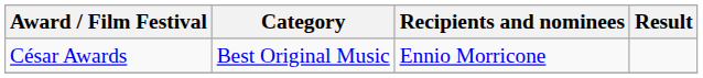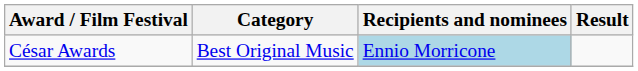 <table class="wikitable plainrowheaders sortable">
 <tr style="background:#ccc; text-align:center;">
 <th scope="col">Award / Film Festival</th>
 <th scope="col">Category</th>
 <th scope="col">Recipients and nominees</th>
 <th scope="col">Result</th>
 </tr>
 <tr>
 <td><a href='#'>César Awards</a></td>
 <td><a href='#'>Best Original Music</a></td>
-<td><a href='#'>Ennio Morricone</a></td>
+<td style="background: lightblue;"><a href='#'>Ennio Morricone</a></td>
 <td></td>
 </tr>
 <tr>
 </tr>
 </table>
